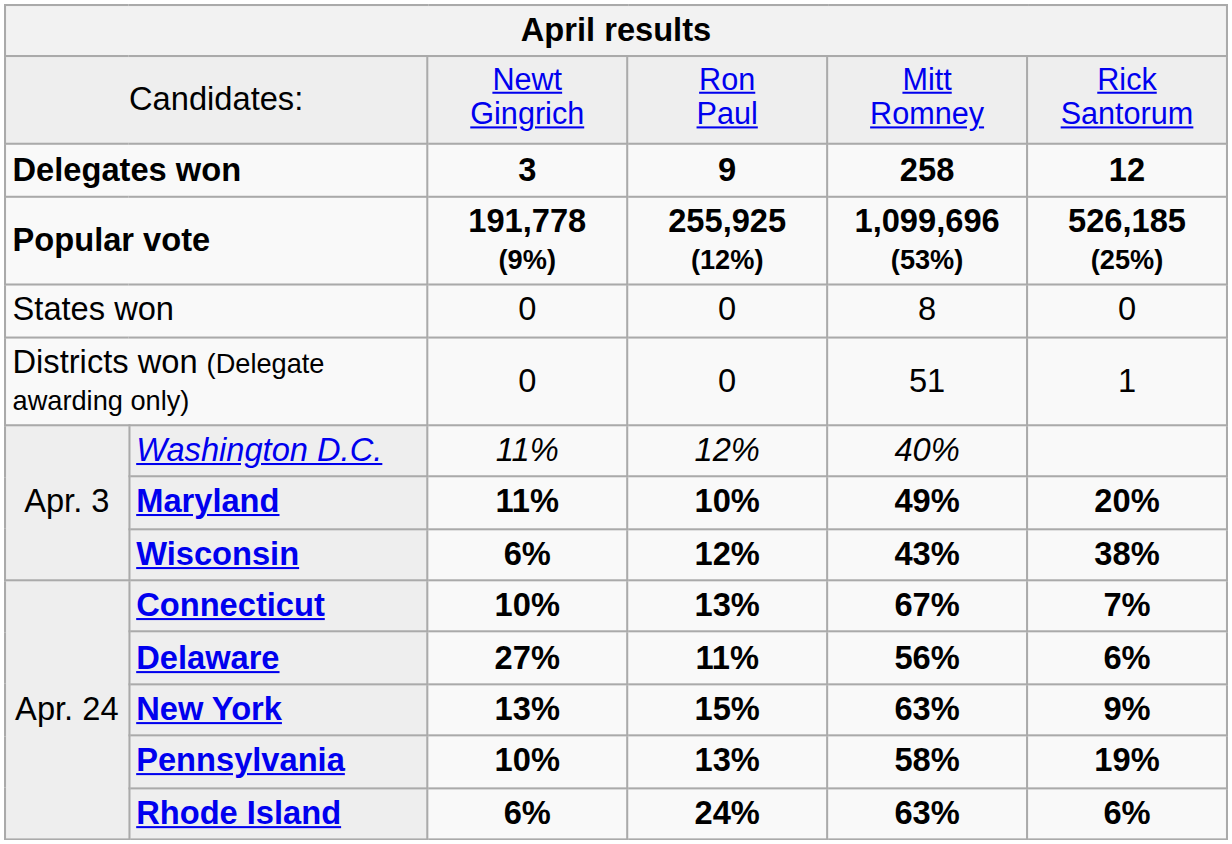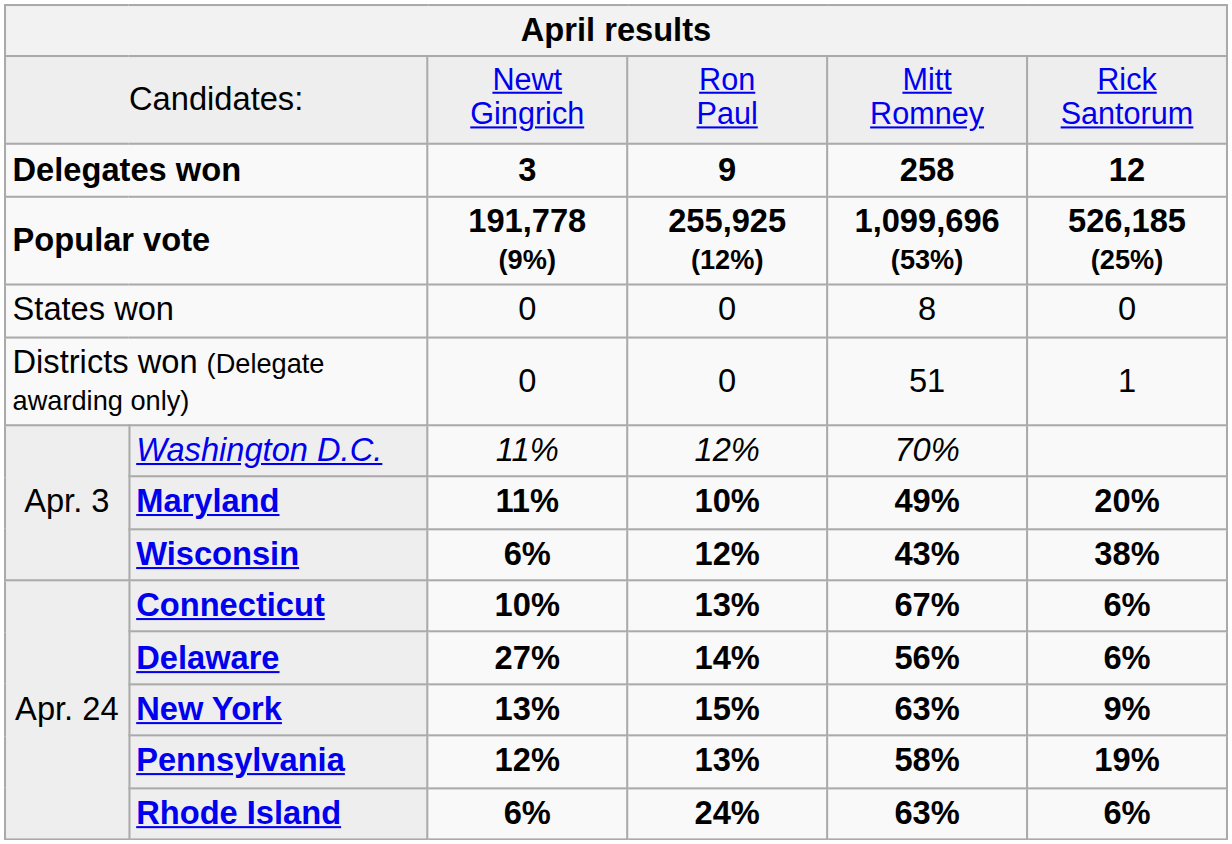 <table class="wikitable" style="text-align:center; width:600px">
 <tr style="text-align:center; background:#e9e9e9;">
 <th colspan="6"><strong>April results</strong></th>
 </tr>
 <tr style="background:#eee;">
 <td style="width:212px;" colspan="2">Candidates:</td>
 <td style="width:97px; padding:2px 0 6px; font:15px georgia,arial;"><a href='#'>Newt<br>Gingrich</a></td>
 <td style="width:97px; padding:2px 0 6px; font:15px georgia,arial;"><a href='#'>Ron<br>Paul</a></td>
 <td style="width:97px; padding:2px 0 6px; font:15px georgia,arial;"><a href='#'>Mitt<br>Romney</a></td>
 <td style="width:97px; padding:2px 0 6px; font:15px georgia,arial;"><a href='#'>Rick<br>Santorum</a></td>
 </tr>
 <tr>
 <td style="text-align:left;" colspan="2"><strong>Delegates won</strong></td>
 <td> <strong>3</strong></td>
 <td> <strong>9</strong></td>
 <td> <strong>258</strong></td>
 <td> <strong>12</strong></td>
 </tr>
 <tr>
 <td style="text-align:left;" colspan="2"><strong>Popular vote</strong></td>
 <td> <strong>191,778<br><small>(9%)</small></strong></td>
 <td> <strong>255,925<br><small>(12%)</small></strong></td>
 <td> <strong>1,099,696<br><small>(53%)</small></strong></td>
 <td> <strong>526,185<br><small>(25%)</small></strong></td>
 </tr>
 <tr>
 <td style="text-align:left;" colspan="2">States won</td>
 <td> 0</td>
 <td> 0</td>
 <td> 8</td>
 <td> 0</td>
 </tr>
 <tr>
 <td style="text-align:left;" colspan="2">Districts won <small>(Delegate awarding only)</small></td>
 <td> 0</td>
 <td> 0</td>
 <td> 51</td>
 <td> 1</td>
 </tr>
 <tr>
 <td rowspan="3" style="background:#eee;">Apr. 3</td>
 <td style="background:#eee; text-align:left;"><em><a href='#'>Washington D.C.</a></em></td>
 <td> <em>11%</em></td>
 <td> <em>12%</em></td>
-<td><em>40%</em></td>
+<td><em>70%</em></td>
 <td></td>
 </tr>
 <tr>
 <td style="background:#eee; text-align:left;"><strong><a href='#'>Maryland</a></strong></td>
 <td> <strong>11%</strong></td>
 <td> <strong>10%</strong></td>
 <td><strong>49%</strong></td>
 <td> <strong>20%</strong></td>
 </tr>
 <tr>
 <td style="background:#eee; text-align:left;"><strong><a href='#'>Wisconsin</a></strong></td>
 <td> <strong>6%</strong></td>
 <td> <strong>12%</strong></td>
 <td><strong>43%</strong></td>
 <td> <strong>38%</strong></td>
 </tr>
 <tr>
 <td rowspan="5" style="background:#eee;">Apr. 24</td>
 <td style="background:#eee; text-align:left;"><strong><a href='#'>Connecticut</a></strong></td>
 <td> <strong>10%</strong></td>
 <td> <strong>13%</strong></td>
 <td><strong>67%</strong></td>
-<td> <strong>7%</strong></td>
+<td> <strong>6%</strong></td>
 </tr>
 <tr>
 <td style="background:#eee; text-align:left;"><strong><a href='#'>Delaware</a></strong></td>
 <td> <strong>27%</strong></td>
-<td> <strong>11%</strong></td>
+<td> <strong>14%</strong></td>
 <td><strong>56%</strong></td>
 <td> <strong>6%</strong></td>
 </tr>
 <tr>
 <td style="background:#eee; text-align:left;"><strong><a href='#'>New York</a></strong></td>
 <td> <strong>13%</strong></td>
 <td> <strong>15%</strong></td>
 <td><strong>63%</strong></td>
 <td> <strong>9%</strong></td>
 </tr>
 <tr>
 <td style="background:#eee; text-align:left;"><strong><a href='#'>Pennsylvania</a></strong></td>
-<td> <strong>10%</strong></td>
+<td> <strong>12%</strong></td>
 <td> <strong>13%</strong></td>
 <td><strong>58%</strong></td>
 <td> <strong>19%</strong></td>
 </tr>
 <tr>
 <td style="background:#eee; text-align:left;"><strong><a href='#'>Rhode Island</a></strong></td>
 <td> <strong>6%</strong></td>
 <td> <strong>24%</strong></td>
 <td><strong>63%</strong></td>
 <td> <strong>6%</strong></td>
 </tr>
 </table>
